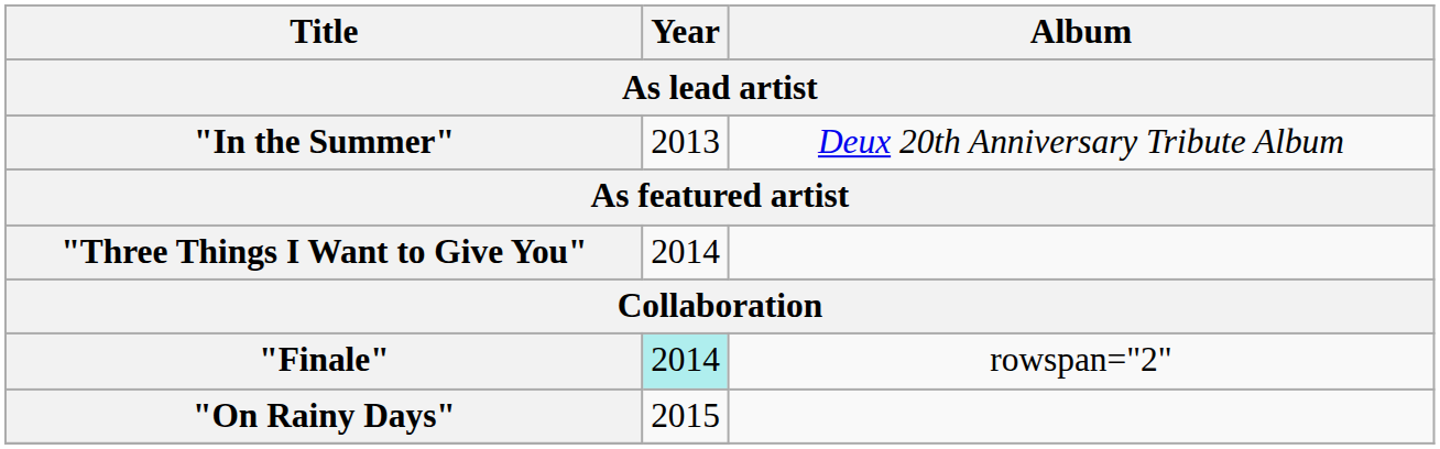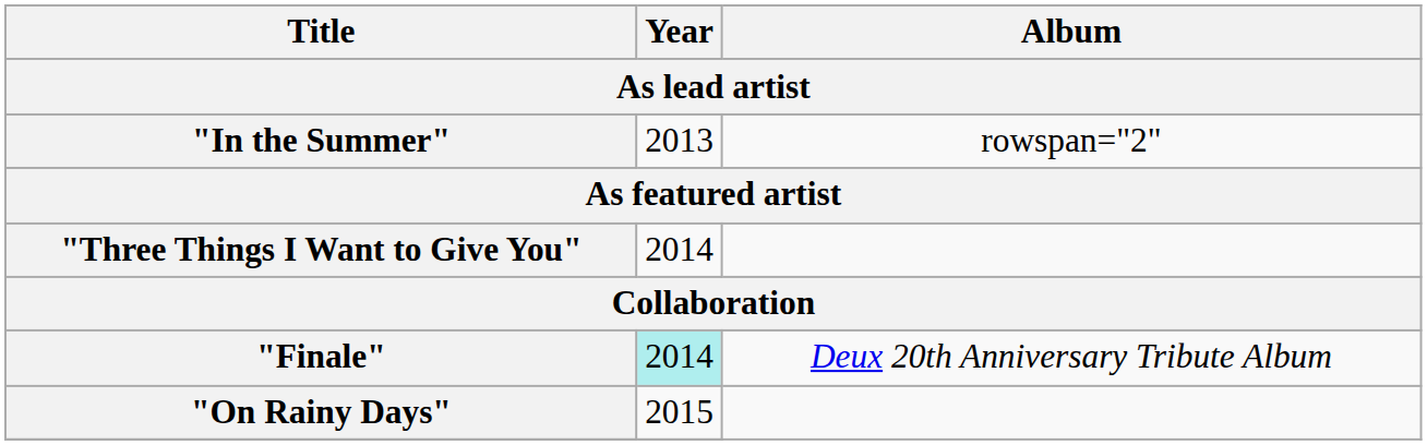 <table class="wikitable plainrowheaders" style="text-align:center">
 <tr>
 <th scope="col" style="width:18em">Title</th>
 <th scope="col" style="width:1em">Year</th>
 <th scope="col" style="width:20em">Album</th>
 </tr>
 <tr>
 <th scope="col" colspan="3">As lead artist</th>
 </tr>
 <tr>
 <th scope="row">"In the Summer"<br></th>
 <td>2013</td>
-<td><em><a href='#'>Deux</a> 20th Anniversary Tribute Album</em></td>
+<td>rowspan="2" </td>
 </tr>
 <tr>
 <th scope="col" colspan="3">As featured artist</th>
 </tr>
 <tr>
 <th scope="row">"Three Things I Want to Give You"<br></th>
 <td>2014</td>
 <td></td>
 </tr>
 <tr>
 <th scope="col" colspan="3">Collaboration</th>
 </tr>
 <tr>
 <th scope="row">"Finale"<br></th>
 <td style="background: paleturquoise;">2014</td>
-<td>rowspan="2" </td>
+<td><em><a href='#'>Deux</a> 20th Anniversary Tribute Album</em></td>
 </tr>
 <tr>
 <th scope="row">"On Rainy Days"<br></th>
 <td>2015</td>
 </tr>
 <tr>
 </tr>
 </table>
